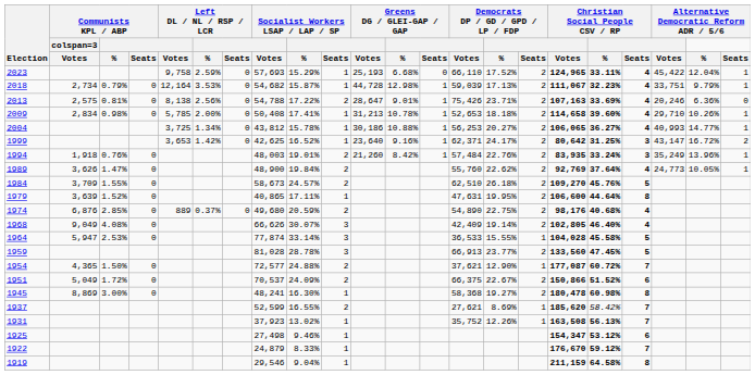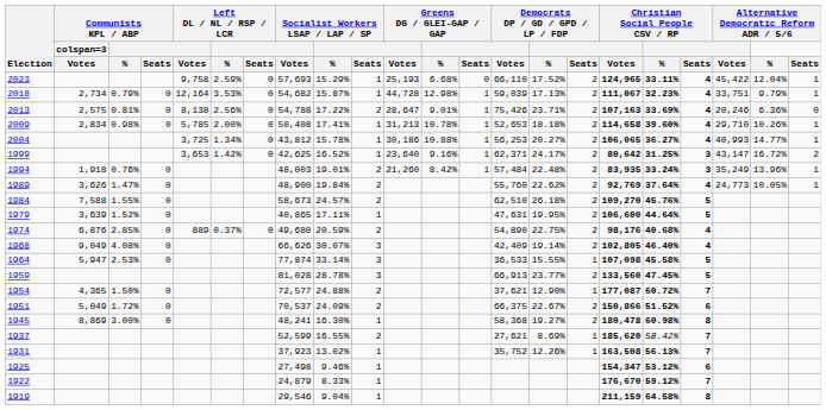 <table class="wikitable" border="1" style="font-size:100%; text-align:right;">
 <tr>
 <th style="text-align:left;" valign=bottom rowspan=3>Election</th>
 <th valign=bottom colspan=3><a href='#'>Communists</a><br>KPL / ABP</th>
 <th valign=bottom colspan=3><a href='#'>Left</a><br>DL / NL / RSP / LCR</th>
 <th valign=bottom colspan=3><a href='#'>Socialist Workers</a><br>LSAP / LAP / SP</th>
 <th valign=bottom colspan=3><a href='#'>Greens</a><br>DG / GLEI-GAP / GAP</th>
 <th valign=bottom colspan=3><a href='#'>Democrats</a><br>DP / GD / GPD / <br>LP / FDP</th>
 <th valign=bottom colspan=3><a href='#'>Christian<br>Social People</a><br>CSV / RP</th>
 <th valign=bottom colspan=3><a href='#'>Alternative<br>Democratic Reform</a><br>ADR / 5/6</th>
 </tr>
 <tr>
 <th>colspan=3 </th>
 <th colspan=3 style="background:"></th>
 <th colspan=3 style="background:"></th>
 <th colspan=3 style="background:"></th>
 <th colspan=3 style="background:"></th>
 <th colspan=3 style="background:"></th>
 <th colspan=3 style="background:"></th>
 </tr>
 <tr>
 <th>Votes</th>
 <th>%</th>
 <th>Seats</th>
 <th>Votes</th>
 <th>%</th>
 <th>Seats</th>
 <th>Votes</th>
 <th>%</th>
 <th>Seats</th>
 <th>Votes</th>
 <th>%</th>
 <th>Seats</th>
 <th>Votes</th>
 <th>%</th>
 <th>Seats</th>
 <th>Votes</th>
 <th>%</th>
 <th>Seats</th>
 <th>Votes</th>
 <th>%</th>
 <th>Seats</th>
 </tr>
 <tr>
 <td align=left><a href='#'>2023</a></td>
 <td></td>
 <td></td>
 <td></td>
 <td>9,758</td>
 <td>2.59%</td>
 <td>0</td>
 <td>57,693</td>
 <td>15.29%</td>
 <td>1</td>
 <td>25,193</td>
 <td>6.68%</td>
 <td>0</td>
 <td>66,110</td>
 <td>17.52%</td>
 <td>2</td>
 <td><strong>124,965</strong></td>
 <td><strong>33.11%</strong></td>
 <td><strong>4</strong></td>
 <td>45,422</td>
 <td>12.04%</td>
 <td>1</td>
 </tr>
 <tr>
 <td align=left><a href='#'>2018</a></td>
 <td>2,734</td>
 <td>0.79%</td>
 <td>0</td>
 <td>12,164</td>
 <td>3.53%</td>
 <td>0</td>
 <td>54,682</td>
 <td>15.87%</td>
 <td>1</td>
 <td>44,728</td>
 <td>12.98%</td>
 <td>1</td>
 <td>59,039</td>
 <td>17.13%</td>
 <td>2</td>
 <td><strong>111,067</strong></td>
 <td><strong>32.23%</strong></td>
 <td><strong>4</strong></td>
 <td>33,751</td>
 <td>9.79%</td>
 <td>1</td>
 </tr>
 <tr>
 <td align=left><a href='#'>2013</a></td>
 <td>2,575</td>
 <td>0.81%</td>
 <td>0</td>
 <td>8,138</td>
 <td>2.56%</td>
 <td>0</td>
 <td>54,788</td>
 <td>17.22%</td>
 <td>2</td>
 <td>28,647</td>
 <td>9.01%</td>
 <td>1</td>
 <td>75,426</td>
 <td>23.71%</td>
 <td>2</td>
 <td><strong>107,163</strong></td>
 <td><strong>33.69%</strong></td>
 <td><strong>4</strong></td>
 <td>20,246</td>
 <td>6.36%</td>
 <td>0</td>
 </tr>
 <tr>
 <td align=left><a href='#'>2009</a></td>
 <td>2,834</td>
 <td>0.98%</td>
 <td>0</td>
 <td>5,785</td>
 <td>2.00%</td>
 <td>0</td>
 <td>50,408</td>
 <td>17.41%</td>
 <td>1</td>
 <td>31,213</td>
 <td>10.78%</td>
 <td>1</td>
 <td>52,653</td>
 <td>18.18%</td>
 <td>2</td>
 <td><strong>114,658</strong></td>
 <td><strong>39.60%</strong></td>
 <td><strong>4</strong></td>
 <td>29,710</td>
 <td>10.26%</td>
 <td>1</td>
 </tr>
 <tr>
 <td align=left><a href='#'>2004</a></td>
 <td></td>
 <td></td>
 <td></td>
 <td>3,725</td>
 <td>1.34%</td>
 <td>0</td>
 <td>43,812</td>
 <td>15.78%</td>
 <td>1</td>
 <td>30,186</td>
 <td>10.88%</td>
 <td>1</td>
 <td>56,253</td>
 <td>20.27%</td>
 <td>2</td>
 <td><strong>106,065</strong></td>
 <td><strong>36.27%</strong></td>
 <td><strong>4</strong></td>
 <td>40,993</td>
 <td>14.77%</td>
 <td>1</td>
 </tr>
 <tr>
 <td align=left><a href='#'>1999</a></td>
 <td></td>
 <td></td>
 <td></td>
 <td>3,653</td>
 <td>1.42%</td>
 <td>0</td>
 <td>42,625</td>
 <td>16.52%</td>
 <td>1</td>
 <td>23,640</td>
 <td>9.16%</td>
 <td>1</td>
 <td>62,371</td>
 <td>24.17%</td>
 <td>2</td>
 <td><strong>80,642</strong></td>
 <td><strong>31.25%</strong></td>
 <td><strong>3</strong></td>
 <td>43,147</td>
 <td>16.72%</td>
 <td>2</td>
 </tr>
 <tr>
 <td align=left><a href='#'>1994</a></td>
 <td>1,918</td>
 <td>0.76%</td>
 <td>0</td>
 <td></td>
 <td></td>
 <td></td>
 <td>48,003</td>
 <td>19.01%</td>
 <td>2</td>
 <td>21,260</td>
 <td>8.42%</td>
 <td>1</td>
 <td>57,484</td>
-<td>22.76%</td>
+<td>22.48%</td>
 <td>2</td>
 <td><strong>83,935</strong></td>
 <td><strong>33.24%</strong></td>
 <td><strong>3</strong></td>
 <td>35,249</td>
 <td>13.96%</td>
 <td>1</td>
 </tr>
 <tr>
 <td align=left><a href='#'>1989</a></td>
 <td>3,626</td>
 <td>1.47%</td>
 <td>0</td>
 <td></td>
 <td></td>
 <td></td>
 <td>48,900</td>
 <td>19.84%</td>
 <td>2</td>
 <td></td>
 <td></td>
 <td></td>
 <td>55,760</td>
 <td>22.62%</td>
 <td>2</td>
 <td><strong>92,769</strong></td>
 <td><strong>37.64%</strong></td>
 <td><strong>4</strong></td>
 <td>24,773</td>
 <td>10.05%</td>
 <td>1</td>
 </tr>
 <tr>
 <td align=left><a href='#'>1984</a></td>
-<td>3,709</td>
+<td>7,588</td>
 <td>1.55%</td>
 <td>0</td>
 <td></td>
 <td></td>
 <td></td>
 <td>58,673</td>
 <td>24.57%</td>
 <td>2</td>
 <td></td>
 <td></td>
 <td></td>
 <td>62,510</td>
 <td>26.18%</td>
 <td>2</td>
 <td><strong>109,270</strong></td>
 <td><strong>45.76%</strong></td>
 <td><strong>5</strong></td>
 <td></td>
 <td></td>
 <td></td>
 </tr>
 <tr>
 <td align=left><a href='#'>1979</a></td>
 <td>3,639</td>
 <td>1.52%</td>
 <td>0</td>
 <td></td>
 <td></td>
 <td></td>
 <td>40,865</td>
 <td>17.11%</td>
 <td>1</td>
 <td></td>
 <td></td>
 <td></td>
 <td>47,631</td>
 <td>19.95%</td>
 <td>2</td>
 <td><strong>106,600</strong></td>
 <td><strong>44.64%</strong></td>
-<td><strong>8</strong></td>
+<td><strong>5</strong></td>
 <td></td>
 <td></td>
 <td></td>
 </tr>
 <tr>
 <td align=left><a href='#'>1974</a></td>
 <td>6,876</td>
 <td>2.85%</td>
 <td>0</td>
 <td>889</td>
 <td>0.37%</td>
 <td>0</td>
 <td>49,680</td>
 <td>20.59%</td>
 <td>2</td>
 <td></td>
 <td></td>
 <td></td>
 <td>54,890</td>
 <td>22.75%</td>
 <td>2</td>
 <td><strong>98,176</strong></td>
 <td><strong>40.68%</strong></td>
 <td><strong>4</strong></td>
 <td></td>
 <td></td>
 <td></td>
 </tr>
 <tr>
 <td align=left><a href='#'>1968</a></td>
 <td>9,049</td>
 <td>4.08%</td>
 <td>0</td>
 <td></td>
 <td></td>
 <td></td>
 <td>66,626</td>
 <td>30.07%</td>
 <td>3</td>
 <td></td>
 <td></td>
 <td></td>
 <td>42,409</td>
 <td>19.14%</td>
 <td>2</td>
 <td><strong>102,805</strong></td>
 <td><strong>46.40%</strong></td>
 <td><strong>4</strong></td>
 <td></td>
 <td></td>
 <td></td>
 </tr>
 <tr>
 <td align=left><a href='#'>1964</a></td>
 <td>5,947</td>
 <td>2.53%</td>
 <td>0</td>
 <td></td>
 <td></td>
 <td></td>
 <td>77,874</td>
 <td>33.14%</td>
 <td>3</td>
 <td></td>
 <td></td>
 <td></td>
 <td>36,533</td>
 <td>15.55%</td>
 <td>1</td>
-<td><strong>104,028</strong></td>
+<td><strong>107,098</strong></td>
 <td><strong>45.58%</strong></td>
 <td><strong>5</strong></td>
 <td></td>
 <td></td>
 <td></td>
 </tr>
 <tr>
 <td align=left><a href='#'>1959</a></td>
 <td></td>
 <td></td>
 <td></td>
 <td></td>
 <td></td>
 <td></td>
 <td>81,028</td>
 <td>28.78%</td>
 <td>3</td>
 <td></td>
 <td></td>
 <td></td>
 <td>66,913</td>
 <td>23.77%</td>
 <td>2</td>
 <td><strong>133,560</strong></td>
 <td><strong>47.45%</strong></td>
 <td><strong>5</strong></td>
 <td></td>
 <td></td>
 <td></td>
 </tr>
 <tr>
 <td align=left><a href='#'>1954</a></td>
 <td>4,365</td>
 <td>1.50%</td>
 <td>0</td>
 <td></td>
 <td></td>
 <td></td>
 <td>72,577</td>
 <td>24.88%</td>
 <td>2</td>
 <td></td>
 <td></td>
 <td></td>
 <td>37,621</td>
 <td>12.90%</td>
 <td>1</td>
 <td><strong>177,087</strong></td>
 <td><strong>60.72%</strong></td>
 <td><strong>7</strong></td>
 <td></td>
 <td></td>
 <td></td>
 </tr>
 <tr>
 <td align=left><a href='#'>1951</a></td>
 <td>5,049</td>
 <td>1.72%</td>
 <td>0</td>
 <td></td>
 <td></td>
 <td></td>
 <td>70,537</td>
 <td>24.09%</td>
 <td>2</td>
 <td></td>
 <td></td>
 <td></td>
 <td>66,375</td>
 <td>22.67%</td>
 <td>2</td>
 <td><strong>150,866</strong></td>
 <td><strong>51.52%</strong></td>
 <td><strong>6</strong></td>
 <td></td>
 <td></td>
 <td></td>
 </tr>
 <tr>
 <td align=left><a href='#'>1945</a></td>
 <td>8,869</td>
 <td>3.00%</td>
 <td>0</td>
 <td></td>
 <td></td>
 <td></td>
 <td>48,241</td>
 <td>16.30%</td>
 <td>1</td>
 <td></td>
 <td></td>
 <td></td>
 <td>58,368</td>
 <td>19.27%</td>
 <td>2</td>
 <td><strong>180,478</strong></td>
 <td><strong>60.98%</strong></td>
 <td><strong>8</strong></td>
 <td></td>
 <td></td>
 <td></td>
 </tr>
 <tr>
 <td align=left><a href='#'>1937</a></td>
 <td></td>
 <td></td>
 <td></td>
 <td></td>
 <td></td>
 <td></td>
 <td>52,599</td>
 <td>16.55%</td>
 <td>2</td>
 <td></td>
 <td></td>
 <td></td>
 <td>27,621</td>
 <td>8.69%</td>
 <td>1</td>
 <td><strong>185,620</strong></td>
 <td><em>58.42%</em></td>
 <td><strong>7</strong></td>
 <td></td>
 <td></td>
 <td></td>
 </tr>
 <tr>
 <td align=left><a href='#'>1931</a></td>
 <td></td>
 <td></td>
 <td></td>
 <td></td>
 <td></td>
 <td></td>
 <td>37,923</td>
 <td>13.02%</td>
 <td>1</td>
 <td></td>
 <td></td>
 <td></td>
 <td>35,752</td>
 <td>12.26%</td>
 <td>1</td>
 <td><strong>163,508</strong></td>
 <td><strong>56.13%</strong></td>
 <td><strong>7</strong></td>
 <td></td>
 <td></td>
 <td></td>
 </tr>
 <tr>
 <td align=left><a href='#'>1925</a></td>
 <td></td>
 <td></td>
 <td></td>
 <td></td>
 <td></td>
 <td></td>
 <td>27,498</td>
 <td>9.46%</td>
 <td>1</td>
 <td></td>
 <td></td>
 <td></td>
 <td></td>
 <td></td>
 <td></td>
 <td><strong>154,347</strong></td>
 <td><strong>53.12%</strong></td>
 <td><strong>6</strong></td>
 <td></td>
 <td></td>
 <td></td>
 </tr>
 <tr>
 <td align=left><a href='#'>1922</a></td>
 <td></td>
 <td></td>
 <td></td>
 <td></td>
 <td></td>
 <td></td>
 <td>24,879</td>
 <td>8.33%</td>
 <td>1</td>
 <td></td>
 <td></td>
 <td></td>
 <td></td>
 <td></td>
 <td></td>
 <td><strong>176,670</strong></td>
 <td><strong>59.12%</strong></td>
 <td><strong>7</strong></td>
 <td></td>
 <td></td>
 <td></td>
 </tr>
 <tr>
 <td align=left><a href='#'>1919</a></td>
 <td></td>
 <td></td>
 <td></td>
 <td></td>
 <td></td>
 <td></td>
 <td>29,546</td>
 <td>9.04%</td>
 <td>1</td>
 <td></td>
 <td></td>
 <td></td>
 <td></td>
 <td></td>
 <td></td>
 <td><strong>211,159</strong></td>
 <td><strong>64.58%</strong></td>
 <td><strong>8</strong></td>
 <td></td>
 <td></td>
 <td></td>
 </tr>
 </table>
